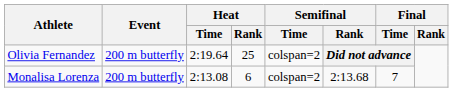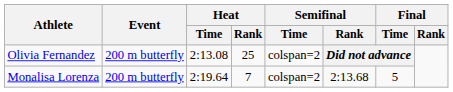 <table class=wikitable style="font-size:90%">
 <tr>
 <th rowspan=2>Athlete</th>
 <th rowspan=2>Event</th>
 <th colspan="2">Heat</th>
 <th colspan="2">Semifinal</th>
 <th colspan="2">Final</th>
 </tr>
 <tr style="font-size:95%">
 <th>Time</th>
 <th>Rank</th>
 <th>Time</th>
 <th>Rank</th>
 <th>Time</th>
 <th>Rank</th>
 </tr>
 <tr align=center>
 <td align=left><a href='#'>Olivia Fernandez</a></td>
 <td align=left><a href='#'>200 m butterfly</a></td>
-<td>2:19.64</td>
+<td>2:13.08</td>
 <td>25</td>
 <td>colspan=2 </td>
 <th colspan="2"><em>Did not advance</em></th>
 </tr>
 <tr align=center>
 <td align=left><a href='#'>Monalisa Lorenza</a></td>
 <td align=left><a href='#'>200 m butterfly</a></td>
-<td>2:13.08</td>
-<td>6</td>
+<td>2:19.64</td>
+<td>7</td>
 <td>colspan=2 </td>
 <td>2:13.68</td>
-<td>7</td>
+<td>5</td>
 </tr>
 </table>
